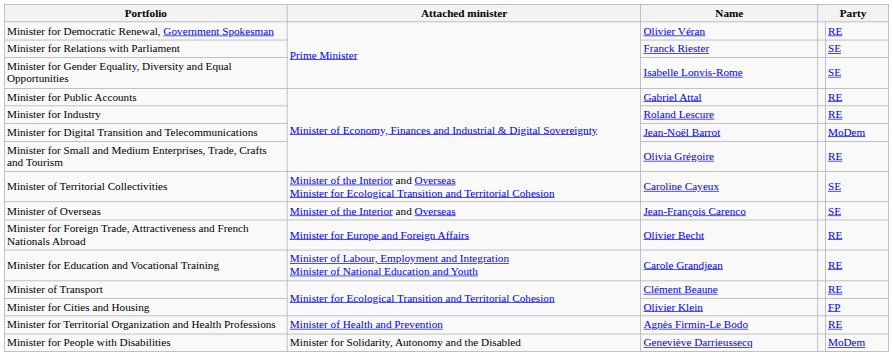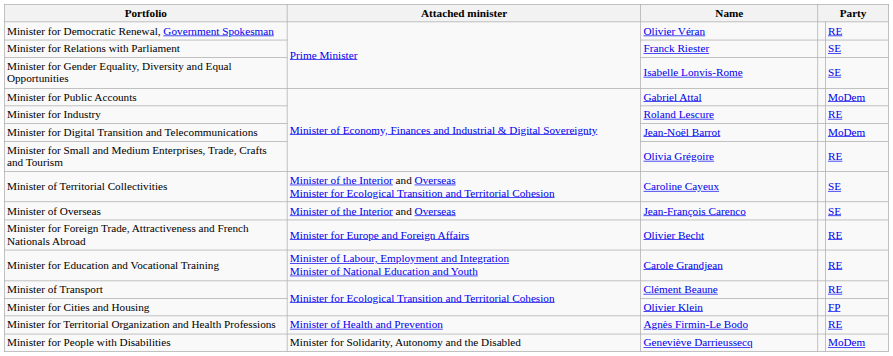 <table class="wikitable" style="width:100%">
 <tr>
 <th>Portfolio</th>
 <th style="width:40%">Attached minister</th>
 <th style="width:20%">Name</th>
 <th style="width:8%" colspan="2">Party</th>
 </tr>
 <tr>
 <td>Minister for Democratic Renewal, <a href='#'>Government Spokesman</a></td>
 <td rowspan="3"><a href='#'>Prime Minister</a></td>
 <td><a href='#'>Olivier Véran</a></td>
 <td style="background:"></td>
 <td><a href='#'>RE</a></td>
 </tr>
 <tr>
 <td>Minister for Relations with Parliament</td>
 <td><a href='#'>Franck Riester</a></td>
 <td style="background:"></td>
 <td><a href='#'>SE</a></td>
 </tr>
 <tr>
 <td>Minister for Gender Equality, Diversity and Equal Opportunities</td>
 <td><a href='#'>Isabelle Lonvis-Rome</a></td>
 <td style="background:"></td>
 <td><a href='#'>SE</a></td>
 </tr>
 <tr>
 <td>Minister for Public Accounts</td>
 <td rowspan="4"><a href='#'>Minister of Economy, Finances and Industrial & Digital Sovereignty</a></td>
 <td><a href='#'>Gabriel Attal</a></td>
 <td style="background:"></td>
-<td><a href='#'>RE</a></td>
+<td><a href='#'>MoDem</a></td>
 </tr>
 <tr>
 <td>Minister for Industry</td>
 <td><a href='#'>Roland Lescure</a></td>
 <td style="background:"></td>
 <td><a href='#'>RE</a></td>
 </tr>
 <tr>
 <td>Minister for Digital Transition and Telecommunications</td>
 <td><a href='#'>Jean-Noël Barrot</a></td>
 <td style=background:></td>
 <td><a href='#'>MoDem</a></td>
 </tr>
 <tr>
 <td>Minister for Small and Medium Enterprises, Trade, Crafts and Tourism</td>
 <td><a href='#'>Olivia Grégoire</a></td>
 <td style="background:"></td>
 <td><a href='#'>RE</a></td>
 </tr>
 <tr>
 <td>Minister of Territorial Collectivities</td>
 <td><a href='#'>Minister of the Interior</a> and <a href='#'>Overseas</a><br><a href='#'>Minister for Ecological Transition and Territorial Cohesion</a></td>
 <td><a href='#'>Caroline Cayeux</a></td>
 <td style="background:"></td>
 <td><a href='#'>SE</a></td>
 </tr>
 <tr>
 <td>Minister of Overseas</td>
 <td><a href='#'>Minister of the Interior</a> and <a href='#'>Overseas</a></td>
 <td><a href='#'>Jean-François Carenco</a></td>
 <td style="background:"></td>
 <td><a href='#'>SE</a></td>
 </tr>
 <tr>
 <td>Minister for Foreign Trade, Attractiveness and French Nationals Abroad</td>
 <td><a href='#'>Minister for Europe and Foreign Affairs</a></td>
 <td><a href='#'>Olivier Becht</a></td>
 <td style="background:"></td>
 <td><a href='#'>RE</a></td>
 </tr>
 <tr>
 <td>Minister for Education and Vocational Training</td>
 <td><a href='#'>Minister of Labour, Employment and Integration</a><br><a href='#'>Minister of National Education and Youth</a></td>
 <td><a href='#'>Carole Grandjean</a></td>
 <td style="background:"></td>
 <td><a href='#'>RE</a></td>
 </tr>
 <tr>
 <td>Minister of Transport</td>
 <td rowspan="2"><a href='#'>Minister for Ecological Transition and Territorial Cohesion</a></td>
 <td><a href='#'>Clément Beaune</a></td>
 <td style="background:"></td>
 <td><a href='#'>RE</a></td>
 </tr>
 <tr>
 <td>Minister for Cities and Housing</td>
 <td><a href='#'>Olivier Klein</a></td>
 <td style="background:"></td>
 <td><a href='#'>FP</a></td>
 </tr>
 <tr>
 <td>Minister for Territorial Organization and Health Professions</td>
 <td><a href='#'>Minister of Health and Prevention</a></td>
 <td><a href='#'>Agnès Firmin-Le Bodo</a></td>
 <td style="background:"></td>
 <td><a href='#'>RE</a></td>
 </tr>
 <tr>
 <td>Minister for People with Disabilities</td>
 <td>Minister for Solidarity, Autonomy and the Disabled</td>
 <td><a href='#'>Geneviève Darrieussecq</a></td>
 <td style="background:"></td>
 <td><a href='#'>MoDem</a></td>
 </tr>
 </table>
